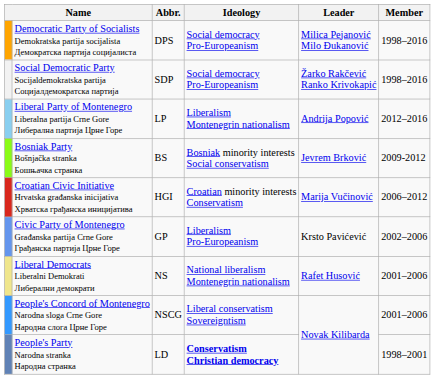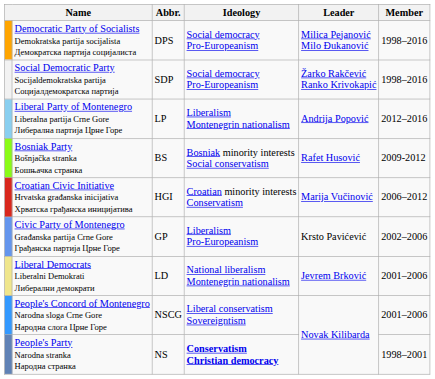 <table class="wikitable">
 <tr>
 <th colspan=2>Name</th>
 <th>Abbr.</th>
 <th>Ideology</th>
 <th>Leader</th>
 <th>Member</th>
 </tr>
 <tr>
 <th style="background-color: orange"></th>
 <td><a href='#'>Democratic Party of Socialists</a><br><small>Demokratska partija socijalista<br>Демократска партија социјалиста</small></td>
 <td>DPS</td>
 <td><a href='#'>Social democracy</a><br><a href='#'>Pro-Europeanism</a></td>
 <td><a href='#'>Milica Pejanović</a><br><a href='#'>Milo Đukanović</a></td>
 <td>1998–2016</td>
 </tr>
 <tr>
 <th style="background:"></th>
 <td><a href='#'>Social Democratic Party</a><br><small>Socijaldemokratska partija<br>Социјалдемократска партија</small></td>
 <td>SDP</td>
 <td><a href='#'>Social democracy</a><br><a href='#'>Pro-Europeanism</a></td>
 <td><a href='#'>Žarko Rakčević</a><br><a href='#'>Ranko Krivokapić</a></td>
 <td>1998–2016</td>
 </tr>
 <tr>
 <th style="background:#89CFF0;"></th>
 <td><a href='#'>Liberal Party of Montenegro</a><br><small>Liberalna partija Crne Gore<br>Либерална партија Црне Горе</small></td>
 <td>LP</td>
 <td><a href='#'>Liberalism</a><br><a href='#'>Montenegrin nationalism</a></td>
 <td><a href='#'>Andrija Popović</a></td>
 <td>2012–2016</td>
 </tr>
 <tr>
 <th style="background:#8AFB17;"></th>
 <td><a href='#'>Bosniak Party</a><br><small>Bošnjačka stranka<br>Бошњачка странка</small></td>
 <td>BS</td>
 <td><a href='#'>Bosniak</a> minority interests<br><a href='#'>Social conservatism</a></td>
-<td><a href='#'>Jevrem Brković</a></td>
+<td><a href='#'>Rafet Husović</a></td>
 <td>2009-2012</td>
 </tr>
 <tr>
 <th style="background:#D9271D;"></th>
 <td><a href='#'>Croatian Civic Initiative</a><br><small>Hrvatska građanska inicijativa<br>Хрватска грађанска иницијатива</small></td>
 <td>HGI</td>
 <td><a href='#'>Croatian</a> minority interests<br><a href='#'>Conservatism</a></td>
 <td><a href='#'>Marija Vučinović</a></td>
 <td>2006–2012</td>
 </tr>
 <tr>
 <th style="width:5px; background:cornflowerblue;"></th>
 <td><a href='#'>Civic Party of Montenegro</a><br><small>Građanska partija Crne Gore<br>Грађанска партија Црне Горе</small></td>
 <td>GP</td>
 <td><a href='#'>Liberalism</a><br><a href='#'>Pro-Europeanism</a></td>
 <td>Krsto Pavićević</td>
 <td>2002–2006</td>
 </tr>
 <tr>
 <th style="width:5px; background:#F0E68C;"></th>
 <td><a href='#'>Liberal Democrats</a><br><small>Liberalni Demokrati<br>Либерални демократи</small></td>
-<td>NS</td>
+<td>LD</td>
 <td><a href='#'>National liberalism</a><br><a href='#'>Montenegrin nationalism</a></td>
-<td><a href='#'>Rafet Husović</a></td>
+<td><a href='#'>Jevrem Brković</a></td>
 <td>2001–2006</td>
 </tr>
 <tr>
 <th style="width:5px; background:#3399ff;"></th>
 <td><a href='#'>People's Concord of Montenegro</a><br><small>Narodna sloga Crne Gore<br>Народна слога Црне Горе</small></td>
 <td>NSCG</td>
 <td><a href='#'>Liberal conservatism</a><br><a href='#'>Sovereigntism</a></td>
 <td rowspan=2><a href='#'>Novak Kilibarda</a></td>
 <td>2001–2006</td>
 </tr>
 <tr>
 <th style="background:#6082B6;"></th>
 <td><a href='#'>People's Party</a><br><small>Narodna stranka<br>Народна странка</small></td>
-<td>LD</td>
+<td>NS</td>
 <td><strong><a href='#'>Conservatism</a><br><a href='#'>Christian democracy</a></strong></td>
 <td>1998–2001</td>
 </tr>
 </table>
